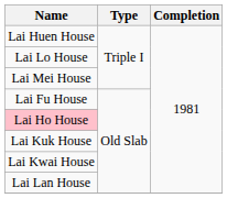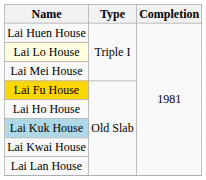 <table class="wikitable" style="text-align: center">
 <tr>
 <th>Name</th>
 <th>Type</th>
 <th>Completion</th>
 </tr>
 <tr>
 <td>Lai Huen House</td>
 <td rowspan="3">Triple I</td>
 <td rowspan="8">1981</td>
 </tr>
 <tr>
-<td>Lai Lo House</td>
+<td style="background: lightyellow;">Lai Lo House</td>
 </tr>
 <tr>
 <td>Lai Mei House</td>
 </tr>
 <tr>
-<td>Lai Fu House</td>
+<td style="background: gold;">Lai Fu House</td>
 <td rowspan="5">Old Slab</td>
 </tr>
 <tr>
-<td style="background: pink;">Lai Ho House</td>
+<td>Lai Ho House</td>
 </tr>
 <tr>
-<td>Lai Kuk House</td>
+<td style="background: lightblue;">Lai Kuk House</td>
 </tr>
 <tr>
 <td>Lai Kwai House</td>
 </tr>
 <tr>
 <td>Lai Lan House</td>
 </tr>
 <tr>
 </tr>
 </table>
